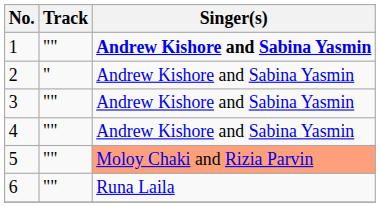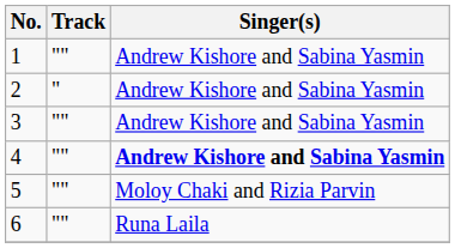 <table class="wikitable">
 <tr>
 <th>No.</th>
 <th>Track</th>
 <th>Singer(s)</th>
 </tr>
 <tr>
 <td>1</td>
 <td>""</td>
-<td><strong><a href='#'>Andrew Kishore</a> and <a href='#'>Sabina Yasmin</a></strong></td>
+<td><a href='#'>Andrew Kishore</a> and <a href='#'>Sabina Yasmin</a></td>
 </tr>
 <tr>
 <td>2</td>
 <td>"</td>
 <td><a href='#'>Andrew Kishore</a> and <a href='#'>Sabina Yasmin</a></td>
 </tr>
 <tr>
 <td>3</td>
 <td>""</td>
 <td><a href='#'>Andrew Kishore</a> and <a href='#'>Sabina Yasmin</a></td>
 </tr>
 <tr>
 <td>4</td>
 <td>""</td>
-<td><a href='#'>Andrew Kishore</a> and <a href='#'>Sabina Yasmin</a></td>
+<td><strong><a href='#'>Andrew Kishore</a> and <a href='#'>Sabina Yasmin</a></strong></td>
 </tr>
 <tr>
 <td>5</td>
 <td>""</td>
-<td style="background: lightsalmon;"><a href='#'>Moloy Chaki</a> and <a href='#'>Rizia Parvin</a></td>
+<td><a href='#'>Moloy Chaki</a> and <a href='#'>Rizia Parvin</a></td>
 </tr>
 <tr>
 <td>6</td>
 <td>""</td>
 <td><a href='#'>Runa Laila</a></td>
 </tr>
 <tr>
 </tr>
 </table>
